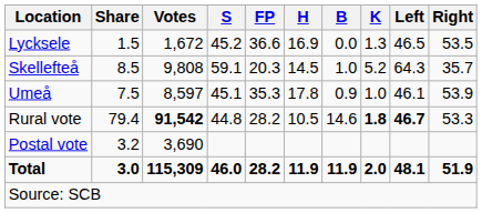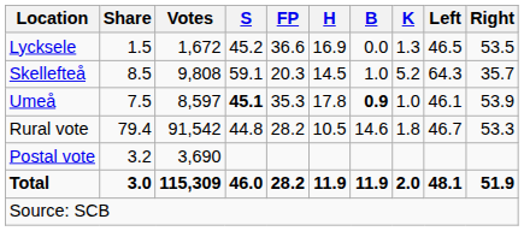 <table class="wikitable sortable" style=text-align:right>
 <tr>
 <th>Location</th>
 <th>Share</th>
 <th>Votes</th>
 <th><a href='#'>S</a></th>
 <th><a href='#'>FP</a></th>
 <th><a href='#'>H</a></th>
 <th><a href='#'>B</a></th>
 <th><a href='#'>K</a></th>
 <th>Left</th>
 <th>Right</th>
 </tr>
 <tr>
 <td align=left><a href='#'>Lycksele</a></td>
 <td>1.5</td>
 <td>1,672</td>
 <td>45.2</td>
 <td>36.6</td>
 <td>16.9</td>
 <td>0.0</td>
 <td>1.3</td>
 <td>46.5</td>
 <td>53.5</td>
 </tr>
 <tr>
 <td align=left><a href='#'>Skellefteå</a></td>
 <td>8.5</td>
 <td>9,808</td>
 <td>59.1</td>
 <td>20.3</td>
 <td>14.5</td>
 <td>1.0</td>
 <td>5.2</td>
 <td>64.3</td>
 <td>35.7</td>
 </tr>
 <tr>
 <td align=left><a href='#'>Umeå</a></td>
 <td>7.5</td>
 <td>8,597</td>
-<td>45.1</td>
+<td><strong>45.1</strong></td>
 <td>35.3</td>
 <td>17.8</td>
-<td>0.9</td>
+<td><strong>0.9</strong></td>
 <td>1.0</td>
 <td>46.1</td>
 <td>53.9</td>
 </tr>
 <tr>
 <td align=left>Rural vote</td>
 <td>79.4</td>
-<td><strong>91,542</strong></td>
+<td>91,542</td>
 <td>44.8</td>
 <td>28.2</td>
 <td>10.5</td>
 <td>14.6</td>
-<td><strong>1.8</strong></td>
-<td><strong>46.7</strong></td>
+<td>1.8</td>
+<td>46.7</td>
 <td>53.3</td>
 </tr>
 <tr>
 <td align=left><a href='#'>Postal vote</a></td>
 <td>3.2</td>
 <td>3,690</td>
 <td></td>
 <td></td>
 <td></td>
 <td></td>
 <td></td>
 <td></td>
 <td></td>
 </tr>
 <tr>
 <td align=left><strong>Total</strong></td>
 <td><strong>3.0</strong></td>
 <td><strong>115,309</strong></td>
 <td><strong>46.0</strong></td>
 <td><strong>28.2</strong></td>
 <td><strong>11.9</strong></td>
 <td><strong>11.9</strong></td>
 <td><strong>2.0</strong></td>
 <td><strong>48.1</strong></td>
 <td><strong>51.9</strong></td>
 </tr>
 <tr>
 <td align=left colspan=10>Source: SCB </td>
 </tr>
 </table>
